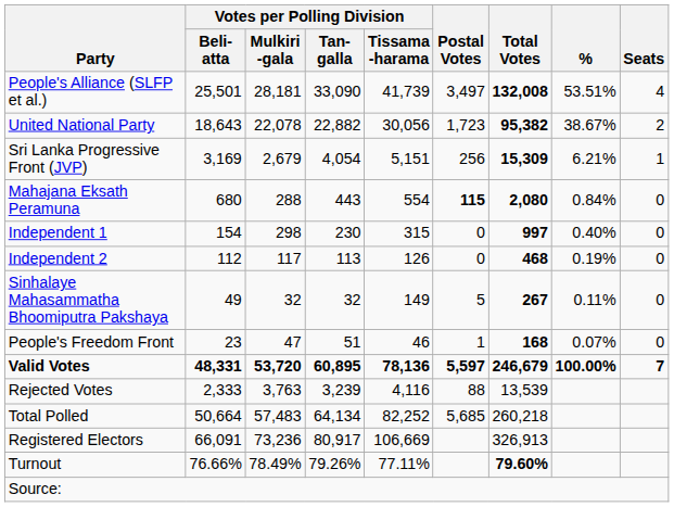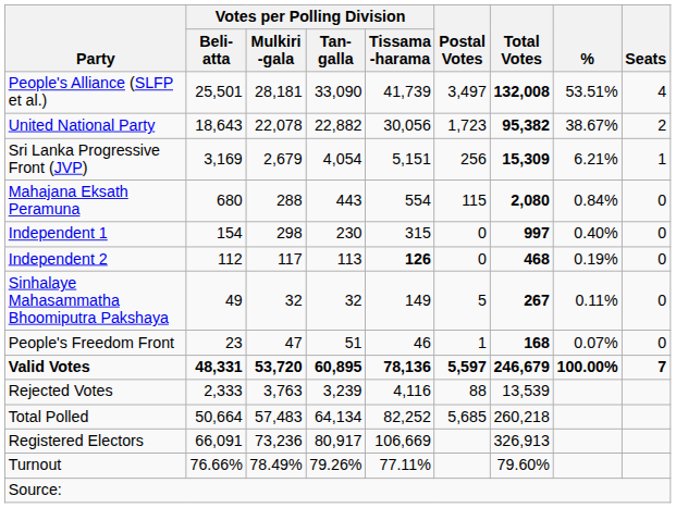 <table class="wikitable" style="text-align:right;">
 <tr>
 <th align=left valign=bottom rowspan=2 width="180">Party</th>
 <th colspan=4>Votes per Polling Division</th>
 <th align=center valign=bottom rowspan=2 width="50">Postal<br>Votes</th>
 <th align=center valign=bottom rowspan=2 width="50">Total Votes</th>
 <th align=center valign=bottom rowspan=2 width="50">%</th>
 <th align=center valign=bottom rowspan=2 width="40">Seats</th>
 </tr>
 <tr>
 <th align=center valign=bottom width="50">Beli-<br>atta</th>
 <th align=center valign=bottom width="50">Mulkiri<br>-gala</th>
 <th align=center valign=bottom width="50">Tan-<br>galla</th>
 <th align=center valign=bottom width="50">Tissama<br>-harama</th>
 </tr>
 <tr>
 <td align=left><a href='#'>People's Alliance</a> (<a href='#'>SLFP</a> et al.)</td>
 <td>25,501</td>
 <td>28,181</td>
 <td>33,090</td>
 <td>41,739</td>
 <td>3,497</td>
 <td><strong>132,008</strong></td>
 <td>53.51%</td>
 <td>4</td>
 </tr>
 <tr>
 <td align=left><a href='#'>United National Party</a></td>
 <td>18,643</td>
 <td>22,078</td>
 <td>22,882</td>
 <td>30,056</td>
 <td>1,723</td>
 <td><strong>95,382</strong></td>
 <td>38.67%</td>
 <td>2</td>
 </tr>
 <tr>
 <td align=left>Sri Lanka Progressive Front (<a href='#'>JVP</a>)</td>
 <td>3,169</td>
 <td>2,679</td>
 <td>4,054</td>
 <td>5,151</td>
 <td>256</td>
 <td><strong>15,309</strong></td>
 <td>6.21%</td>
 <td>1</td>
 </tr>
 <tr>
 <td align=left><a href='#'>Mahajana Eksath Peramuna</a></td>
 <td>680</td>
 <td>288</td>
 <td>443</td>
 <td>554</td>
-<td><strong>115</strong></td>
+<td>115</td>
 <td><strong>2,080</strong></td>
 <td>0.84%</td>
 <td>0</td>
 </tr>
 <tr>
 <td align=left><a href='#'>Independent 1</a></td>
 <td>154</td>
 <td>298</td>
 <td>230</td>
 <td>315</td>
 <td>0</td>
 <td><strong>997</strong></td>
 <td>0.40%</td>
 <td>0</td>
 </tr>
 <tr>
 <td align=left><a href='#'>Independent 2</a></td>
 <td>112</td>
 <td>117</td>
 <td>113</td>
-<td>126</td>
+<td><strong>126</strong></td>
 <td>0</td>
 <td><strong>468</strong></td>
 <td>0.19%</td>
 <td>0</td>
 </tr>
 <tr>
 <td align=left><a href='#'>Sinhalaye Mahasammatha Bhoomiputra Pakshaya</a></td>
 <td>49</td>
 <td>32</td>
 <td>32</td>
 <td>149</td>
 <td>5</td>
 <td><strong>267</strong></td>
 <td>0.11%</td>
 <td>0</td>
 </tr>
 <tr>
 <td align=left>People's Freedom Front</td>
 <td>23</td>
 <td>47</td>
 <td>51</td>
 <td>46</td>
 <td>1</td>
 <td><strong>168</strong></td>
 <td>0.07%</td>
 <td>0</td>
 </tr>
 <tr>
 <td align=left><strong>Valid Votes</strong></td>
 <td><strong>48,331</strong></td>
 <td><strong>53,720</strong></td>
 <td><strong>60,895</strong></td>
 <td><strong>78,136</strong></td>
 <td><strong>5,597</strong></td>
 <td><strong>246,679</strong></td>
 <td><strong>100.00%</strong></td>
 <td><strong>7</strong></td>
 </tr>
 <tr>
 <td align=left>Rejected Votes</td>
 <td>2,333</td>
 <td>3,763</td>
 <td>3,239</td>
 <td>4,116</td>
 <td>88</td>
 <td>13,539</td>
 <td></td>
 <td></td>
 </tr>
 <tr>
 <td align=left>Total Polled</td>
 <td>50,664</td>
 <td>57,483</td>
 <td>64,134</td>
 <td>82,252</td>
 <td>5,685</td>
 <td>260,218</td>
 <td></td>
 <td></td>
 </tr>
 <tr>
 <td align=left>Registered Electors</td>
 <td>66,091</td>
 <td>73,236</td>
 <td>80,917</td>
 <td>106,669</td>
 <td></td>
 <td>326,913</td>
 <td></td>
 <td></td>
 </tr>
 <tr>
 <td align=left>Turnout</td>
 <td>76.66%</td>
 <td>78.49%</td>
 <td>79.26%</td>
 <td>77.11%</td>
 <td></td>
-<td><strong>79.60%</strong></td>
+<td>79.60%</td>
 <td></td>
 <td></td>
 </tr>
 <tr>
 <td align=left colspan=10>Source:</td>
 </tr>
 </table>
